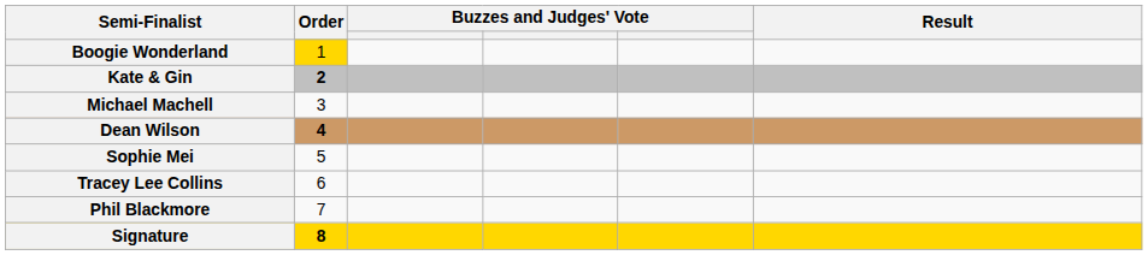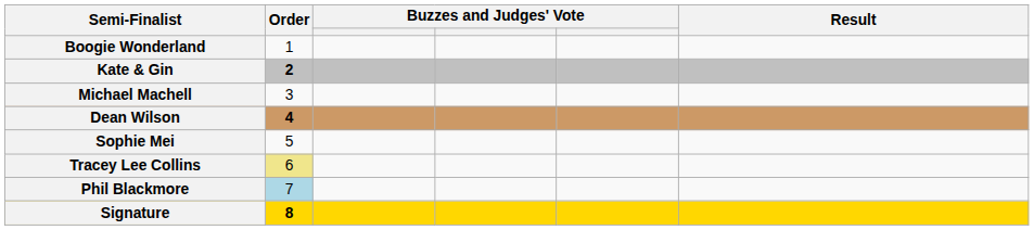 <table class="wikitable plainrowheaders sortable" style="text-align:center;">
 <tr>
 <th scope="col" rowspan="2" class="unsortable" style="width:17em;">Semi-Finalist</th>
 <th scope="col" rowspan="2" style="width:1em;">Order</th>
 <th scope="col" colspan="3" class="unsortable" style="width:24em;">Buzzes and Judges' Vote</th>
 <th scope="col" rowspan="2" style="width:23em;">Result</th>
 </tr>
 <tr>
 <th scope="col" class="unsortable" style="width:6em;"></th>
 <th scope="col" class="unsortable" style="width:6em;"></th>
 <th scope="col" class="unsortable" style="width:6em;"></th>
 </tr>
 <tr>
 <th scope="row">Boogie Wonderland</th>
-<td style="background: gold;">1</td>
+<td>1</td>
 <td style="text-align:center;"></td>
 <td style="text-align:center;"></td>
 <td style="text-align:center;"></td>
 <td></td>
 </tr>
 <tr bgcolor=silver>
 <th scope="row"><strong>Kate & Gin</strong></th>
 <td><strong>2</strong></td>
 <td style="text-align:center;"></td>
 <td style="text-align:center;"></td>
 <td style="text-align:center;"></td>
 <td><strong></strong></td>
 </tr>
 <tr>
 <th scope="row">Michael Machell</th>
 <td>3</td>
 <td style="text-align:center;"></td>
 <td style="text-align:center;"></td>
 <td style="text-align:center;"></td>
 <td></td>
 </tr>
 <tr bgcolor=#c96>
 <th scope="row"><strong>Dean Wilson</strong></th>
 <td><strong>4</strong></td>
 <td style="text-align:center;"></td>
 <td style="text-align:center;"></td>
 <td style="text-align:center;"></td>
 <td><strong></strong></td>
 </tr>
 <tr>
 <th scope="row">Sophie Mei</th>
 <td>5</td>
 <td style="text-align:center;"></td>
 <td style="text-align:center;"></td>
 <td style="text-align:center;"></td>
 <td></td>
 </tr>
 <tr>
 <th scope="row">Tracey Lee Collins</th>
-<td>6</td>
+<td style="background: khaki;">6</td>
 <td style="text-align:center;"></td>
 <td style="text-align:center;"></td>
 <td style="text-align:center;"></td>
 <td></td>
 </tr>
 <tr>
 <th scope="row">Phil Blackmore</th>
-<td>7</td>
+<td style="background: lightblue;">7</td>
 <td style="text-align:center;"></td>
 <td style="text-align:center;"></td>
 <td style="text-align:center;"></td>
 <td></td>
 </tr>
 <tr bgcolor=gold>
 <th scope="row"><strong>Signature</strong></th>
 <td><strong>8</strong></td>
 <td style="text-align:center;"></td>
 <td style="text-align:center;"></td>
 <td style="text-align:center;"></td>
 <td><strong></strong></td>
 </tr>
 </table>
